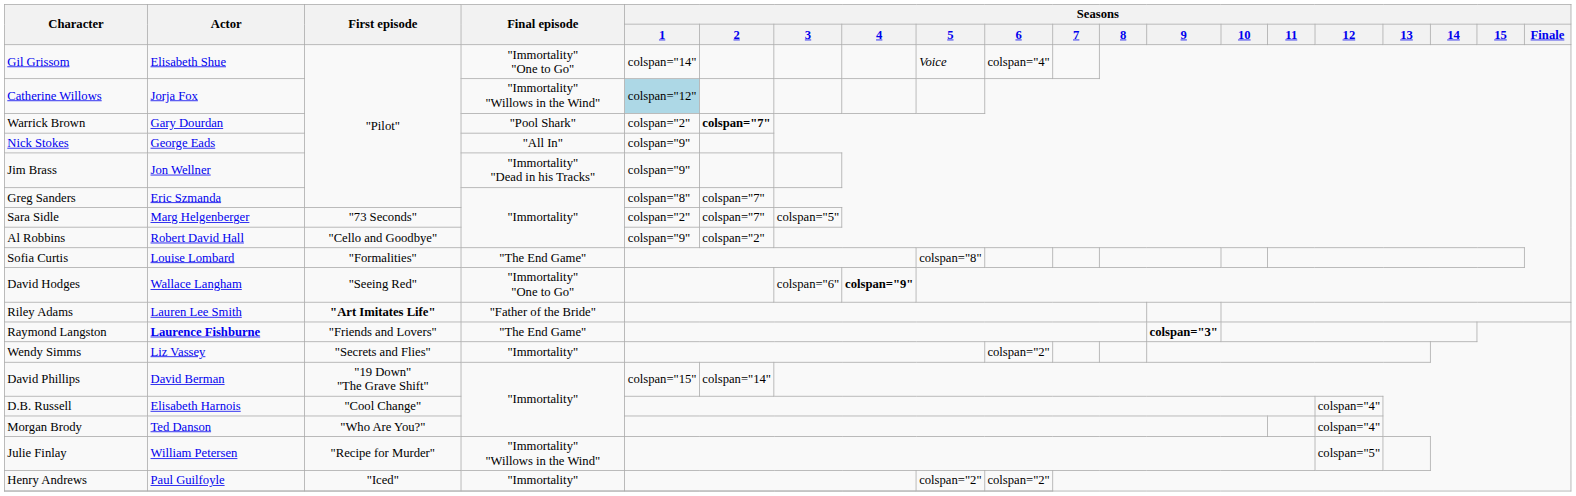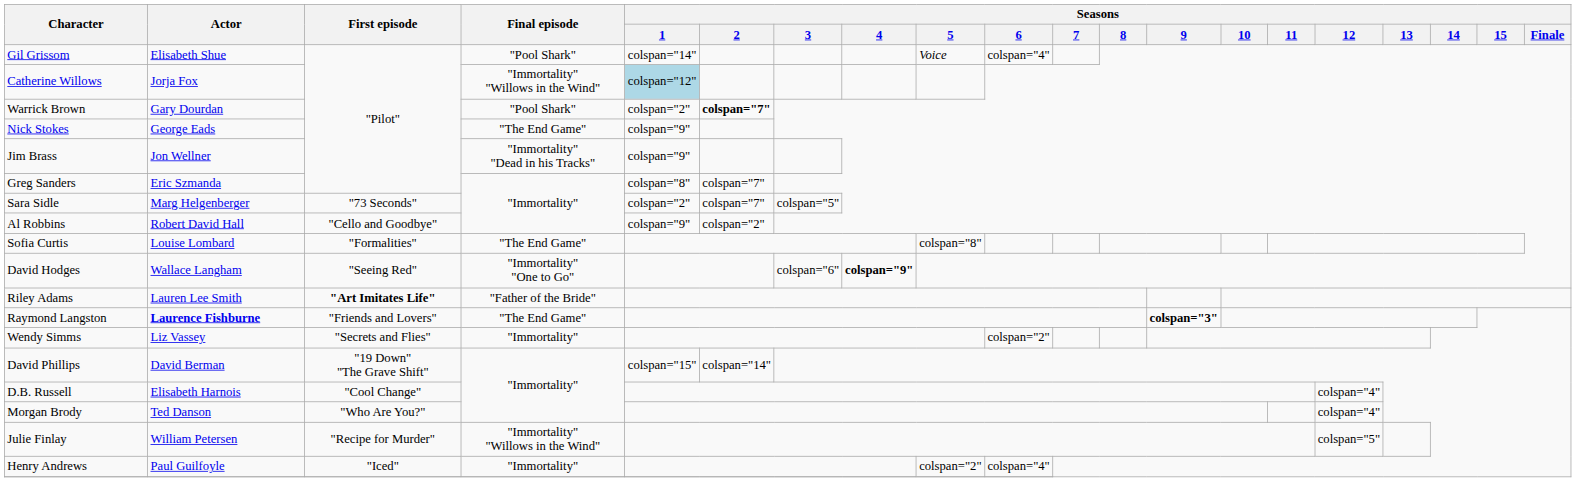 <table class="wikitable sortable sticky-header-multi" style="width:100%;">
 <tr>
 <th scope="col" rowspan="2">Character</th>
 <th class=unsortable scope="col" rowspan="2">Actor</th>
 <th class=unsortable scope="col" rowspan="2">First episode<br></th>
 <th class=unsortable scope="col" rowspan="2">Final episode<br></th>
 <th class=unsortable scope="col" colspan="16">Seasons</th>
 </tr>
 <tr>
 <th class=unsortable style="width:3%;"><a href='#'>1</a></th>
 <th class=unsortable style="width:3%;"><a href='#'>2</a></th>
 <th class=unsortable style="width:3%;"><a href='#'>3</a></th>
 <th class=unsortable style="width:3%;"><a href='#'>4</a></th>
 <th class=unsortable style="width:3%;"><a href='#'>5</a></th>
 <th class=unsortable style="width:3%;"><a href='#'>6</a></th>
 <th class=unsortable style="width:3%;"><a href='#'>7</a></th>
 <th class=unsortable style="width:3%;"><a href='#'>8</a></th>
 <th class=unsortable style="width:3%;"><a href='#'>9</a></th>
 <th class=unsortable style="width:3%;"><a href='#'>10</a></th>
 <th class=unsortable style="width:3%;"><a href='#'>11</a></th>
 <th class=unsortable style="width:3%;"><a href='#'>12</a></th>
 <th class=unsortable style="width:3%;"><a href='#'>13</a></th>
 <th class=unsortable style="width:3%;"><a href='#'>14</a></th>
 <th class=unsortable style="width:3%;"><a href='#'>15</a></th>
 <th class=unsortable style="width:3%;"><a href='#'>Finale</a></th>
 </tr>
 <tr>
 <td><a href='#'>Gil Grissom</a></td>
 <td><a href='#'>Elisabeth Shue</a></td>
 <td rowspan="6" align="center">"Pilot" </td>
-<td align="center">"Immortality" <br>"One to Go" </td>
+<td align="center">"Pool Shark" </td>
 <td>colspan="14" </td>
 <td></td>
 <td></td>
 <td></td>
 <td><em>Voice</em></td>
 <td>colspan="4" </td>
 <td></td>
 </tr>
 <tr>
 <td><a href='#'>Catherine Willows</a></td>
 <td><a href='#'>Jorja Fox</a></td>
 <td align="center">"Immortality" <br>"Willows in the Wind" </td>
 <td style="background: lightblue;">colspan="12" </td>
 <td></td>
 <td></td>
 <td></td>
 <td></td>
 </tr>
 <tr>
 <td>Warrick Brown</td>
 <td><a href='#'>Gary Dourdan</a></td>
 <td align="center">"Pool Shark" </td>
 <td>colspan="2" </td>
 <td><strong>colspan="7" </strong></td>
 </tr>
 <tr>
 <td><a href='#'>Nick Stokes</a></td>
 <td><a href='#'>George Eads</a></td>
-<td align="center">"All In" </td>
+<td align="center">"The End Game" </td>
 <td>colspan="9" </td>
 <td></td>
 </tr>
 <tr id="Jim Brass">
 <td>Jim Brass</td>
 <td><a href='#'>Jon Wellner</a></td>
 <td align="center">"Immortality" <br>"Dead in his Tracks" </td>
 <td>colspan="9" </td>
 <td></td>
 <td></td>
 </tr>
 <tr>
 <td>Greg Sanders</td>
 <td><a href='#'>Eric Szmanda</a></td>
 <td rowspan="3" align="center">"Immortality"</td>
 <td>colspan="8" </td>
 <td>colspan="7" </td>
 </tr>
 <tr>
 <td>Sara Sidle</td>
 <td><a href='#'>Marg Helgenberger</a></td>
 <td align="center">"73 Seconds" </td>
 <td>colspan="2" </td>
 <td>colspan="7" </td>
 <td>colspan="5" </td>
 </tr>
 <tr>
 <td>Al Robbins</td>
 <td><a href='#'>Robert David Hall</a></td>
 <td align="center">"Cello and Goodbye" </td>
 <td>colspan="9" </td>
 <td>colspan="2" </td>
 </tr>
 <tr>
 <td>Sofia Curtis</td>
 <td><a href='#'>Louise Lombard</a></td>
 <td align="center">"Formalities" </td>
 <td align="center">"The End Game" </td>
 <td colspan="4"></td>
 <td>colspan="8" </td>
 <td></td>
 <td></td>
 <td colspan="2"></td>
 <td></td>
 <td colspan="5"></td>
 </tr>
 <tr>
 <td>David Hodges</td>
 <td><a href='#'>Wallace Langham</a></td>
 <td align="center">"Seeing Red" </td>
 <td align="center">"Immortality" <br>"One to Go" </td>
 <td colspan="2"></td>
 <td>colspan="6" </td>
 <td><strong>colspan="9" </strong></td>
 </tr>
 <tr>
 <td>Riley Adams</td>
 <td><a href='#'>Lauren Lee Smith</a></td>
 <td align="center"><strong>"Art Imitates Life" </strong></td>
 <td align="center">"Father of the Bride" </td>
 <td colspan="8"></td>
 <td></td>
 <td colspan="7"></td>
 </tr>
 <tr>
 <td>Raymond Langston</td>
 <td><strong><a href='#'>Laurence Fishburne</a></strong></td>
 <td align="center">"Friends and Lovers" </td>
 <td align="center">"The End Game" </td>
 <td colspan="8"></td>
 <td><strong>colspan="3" </strong></td>
 <td colspan="5"></td>
 </tr>
 <tr>
 <td>Wendy Simms</td>
 <td><a href='#'>Liz Vassey</a></td>
 <td align="center">"Secrets and Flies" </td>
 <td align="center">"Immortality"</td>
 <td colspan="5"></td>
 <td>colspan="2" </td>
 <td></td>
 <td></td>
 <td colspan="5"></td>
 </tr>
 <tr>
 <td>David Phillips</td>
 <td><a href='#'>David Berman</a></td>
 <td align="center">"19 Down" <br>"The Grave Shift" </td>
 <td align="center" rowspan="3">"Immortality"</td>
 <td>colspan="15" </td>
 <td>colspan="14" </td>
 </tr>
 <tr id="D.B. Russell">
 <td>D.B. Russell</td>
 <td><a href='#'>Elisabeth Harnois</a></td>
 <td align="center">"Cool Change" </td>
 <td colspan="11"></td>
 <td>colspan="4" </td>
 </tr>
 <tr>
 <td>Morgan Brody</td>
 <td><a href='#'>Ted Danson</a></td>
 <td align="center">"Who Are You?" </td>
 <td colspan="10"></td>
 <td></td>
 <td>colspan="4" </td>
 </tr>
 <tr>
 <td>Julie Finlay</td>
 <td><a href='#'>William Petersen</a></td>
 <td align="center">"Recipe for Murder" </td>
 <td align="center">"Immortality" <br>"Willows in the Wind" </td>
 <td colspan="11"></td>
 <td>colspan="5" </td>
 <td></td>
 </tr>
 <tr>
 <td>Henry Andrews</td>
 <td><a href='#'>Paul Guilfoyle</a></td>
 <td align="center">"Iced" </td>
 <td align="center">"Immortality"</td>
 <td colspan="4"></td>
 <td>colspan="2" </td>
-<td>colspan="2" </td>
+<td>colspan="4" </td>
 </tr>
 <tr>
 </tr>
 </table>
